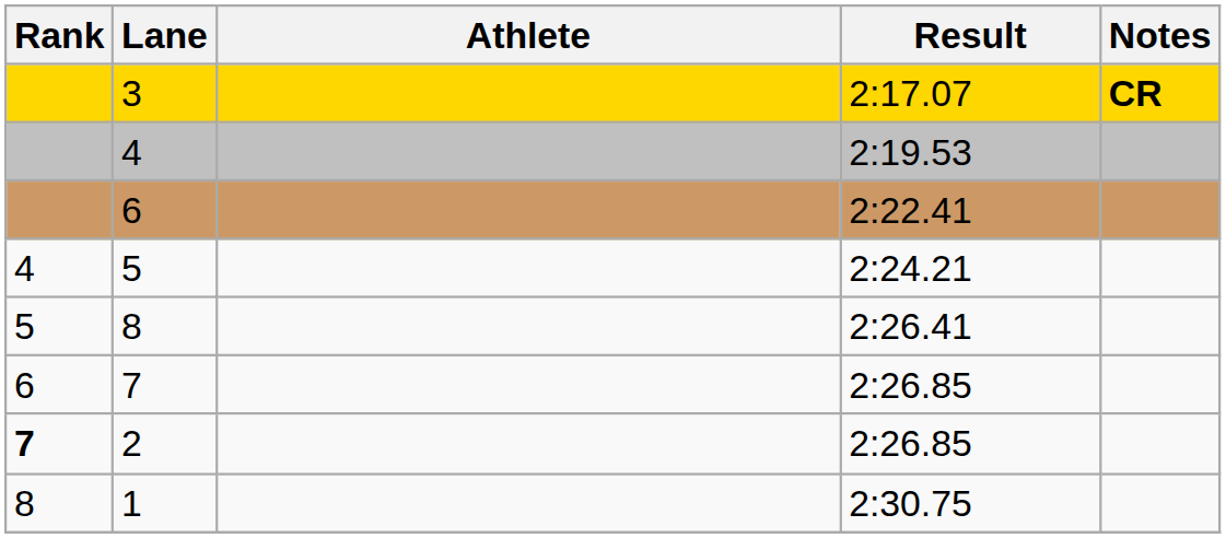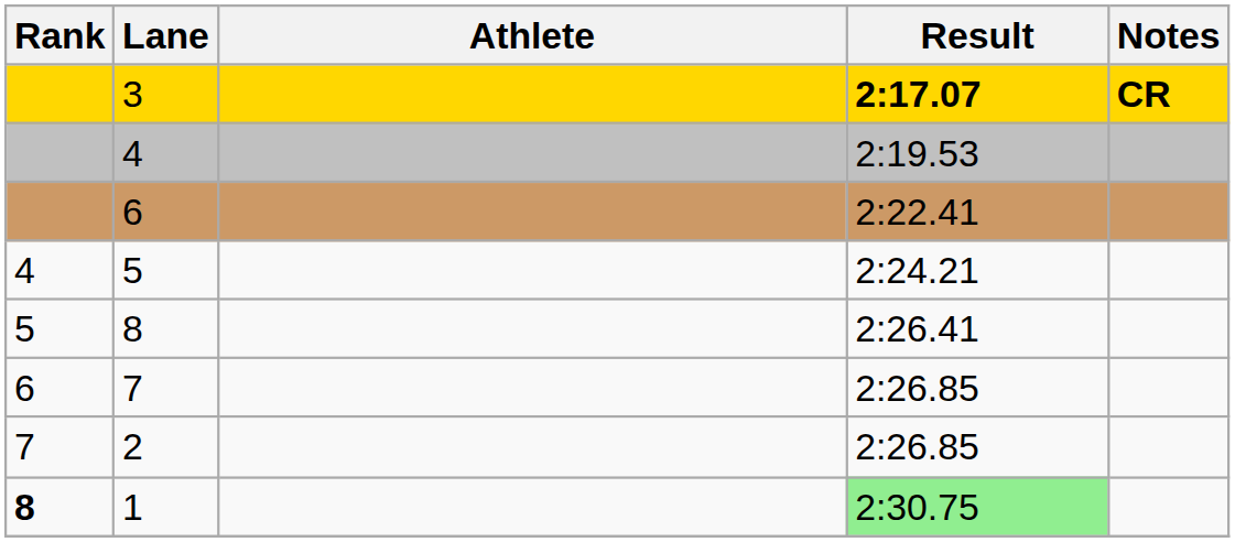 <table class="wikitable" style="font-size:95%" style="width:35em;" style="text-align:center">
 <tr>
 <th>Rank</th>
 <th>Lane</th>
 <th width=250>Athlete</th>
 <th width=100>Result</th>
 <th>Notes</th>
 </tr>
 <tr bgcolor=gold>
 <td></td>
 <td>3</td>
 <td align=left></td>
-<td>2:17.07</td>
+<td><strong>2:17.07</strong></td>
 <td><strong>CR</strong></td>
 </tr>
 <tr bgcolor=silver>
 <td></td>
 <td>4</td>
 <td align=left></td>
 <td>2:19.53</td>
 <td></td>
 </tr>
 <tr bgcolor=cc9966>
 <td></td>
 <td>6</td>
 <td align=left></td>
 <td>2:22.41</td>
 <td></td>
 </tr>
 <tr>
 <td>4</td>
 <td>5</td>
 <td align=left></td>
 <td>2:24.21</td>
 <td></td>
 </tr>
 <tr>
 <td>5</td>
 <td>8</td>
 <td align=left></td>
 <td>2:26.41</td>
 <td></td>
 </tr>
 <tr>
 <td>6</td>
 <td>7</td>
 <td align=left></td>
 <td>2:26.85</td>
 <td></td>
 </tr>
 <tr>
-<td><strong>7</strong></td>
+<td>7</td>
 <td>2</td>
 <td align=left></td>
 <td>2:26.85</td>
 <td></td>
 </tr>
 <tr>
-<td>8</td>
+<td><strong>8</strong></td>
 <td>1</td>
 <td align=left></td>
-<td>2:30.75</td>
+<td style="background: lightgreen;">2:30.75</td>
 <td></td>
 </tr>
 <tr>
 </tr>
 </table>
